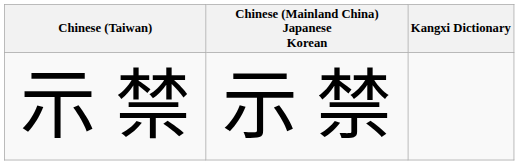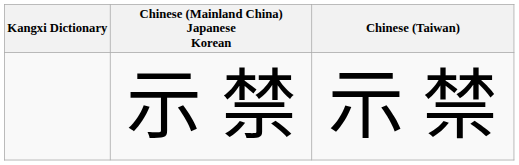 <table class="wikitable" style="text-align: center;">
 <tr>
+<th>Kangxi Dictionary</th>
+<th>Chinese (Mainland China)<br>Japanese<br>Korean</th>
 <th>Chinese (Taiwan)</th>
-<th>Chinese (Mainland China)<br>Japanese<br>Korean</th>
-<th>Kangxi Dictionary</th>
 </tr>
 <tr style="font-size:6em;font-family:serif;line-height:100%;">
+<td> </td>
+<td lang="zh-cn">示 禁</td>
 <td lang="zh-tw">示 禁</td>
-<td lang="zh-cn">示 禁</td>
-<td> </td>
 </tr>
 </table>
